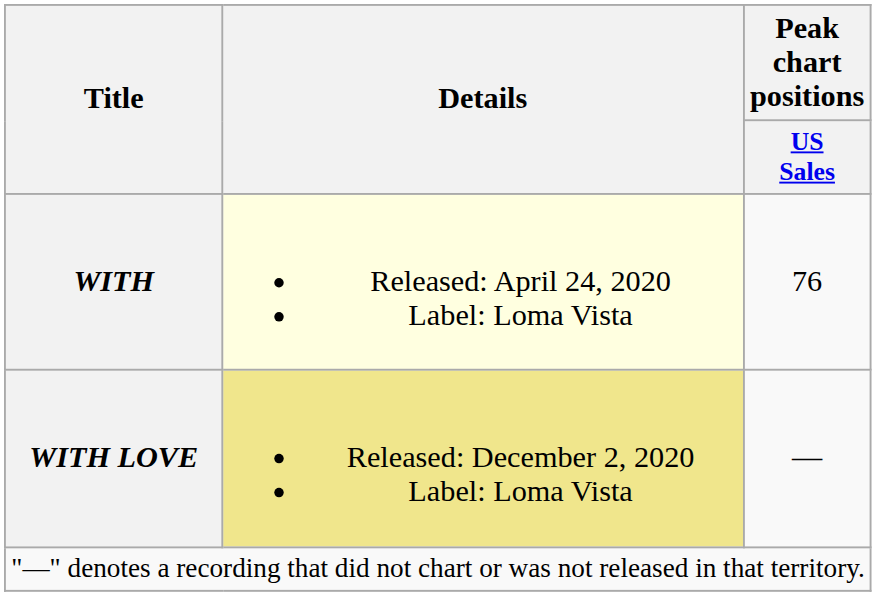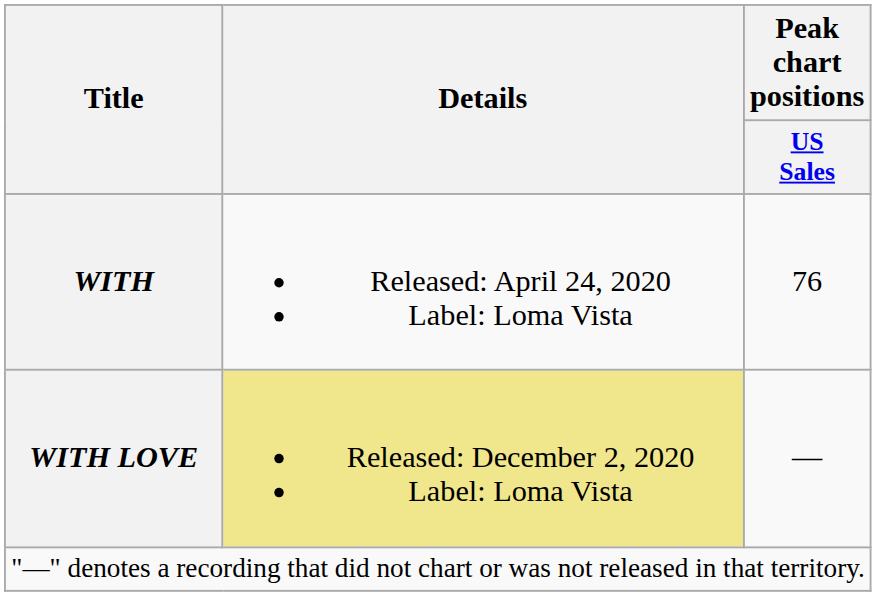 <table class="wikitable plainrowheaders" style="text-align:center;">
 <tr>
 <th scope="col" rowspan="2">Title</th>
 <th scope="col" rowspan="2">Details</th>
 <th scope="col" colspan="1">Peak chart positions</th>
 </tr>
 <tr>
 <th scope="col" style="width:3em;font-size:85%;"><a href='#'>US<br>Sales</a><br></th>
 </tr>
 <tr>
 <th scope="row"><em>WITH</em></th>
-<td style="background: lightyellow;"><br><ul><li>Released: April 24, 2020</li><li>Label: Loma Vista</li></ul></td>
+<td><br><ul><li>Released: April 24, 2020</li><li>Label: Loma Vista</li></ul></td>
 <td>76</td>
 </tr>
 <tr>
 <th scope="row"><em>WITH LOVE</em></th>
 <td style="background: khaki;"><br><ul><li>Released: December 2, 2020</li><li>Label: Loma Vista</li></ul></td>
 <td>—</td>
 </tr>
 <tr>
 <td colspan="15" style="font-size:90%">"—" denotes a recording that did not chart or was not released in that territory.</td>
 </tr>
 </table>
